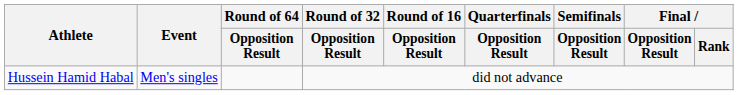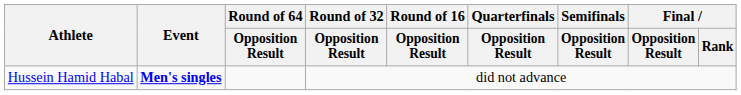 <table class="wikitable" style="font-size:90%;">
 <tr>
 <th rowspan=2>Athlete</th>
 <th rowspan=2>Event</th>
 <th>Round of 64</th>
 <th>Round of 32</th>
 <th>Round of 16</th>
 <th>Quarterfinals</th>
 <th>Semifinals</th>
 <th colspan=2>Final / </th>
 </tr>
 <tr style="font-size:95%">
 <th>Opposition<br>Result</th>
 <th>Opposition<br>Result</th>
 <th>Opposition<br>Result</th>
 <th>Opposition<br>Result</th>
 <th>Opposition<br>Result</th>
 <th>Opposition<br>Result</th>
 <th>Rank</th>
 </tr>
 <tr align=center>
 <td align=left><a href='#'>Hussein Hamid Habal</a></td>
-<td align=left><a href='#'>Men's singles</a></td>
+<td align=left><strong><a href='#'>Men's singles</a></strong></td>
 <td></td>
 <td colspan=6>did not advance</td>
 </tr>
 </table>
